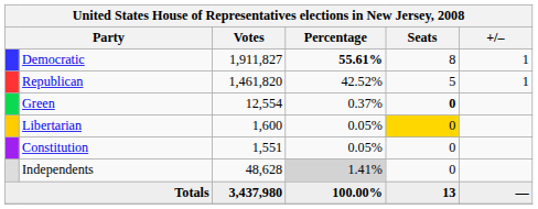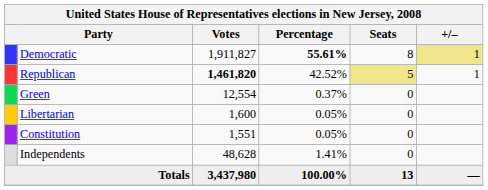 <table class="wikitable" style="font-size: 95%;">
 <tr>
 <th colspan="6">United States House of Representatives elections in New Jersey, 2008</th>
 </tr>
 <tr>
 <th colspan=2 style="width: 15em">Party</th>
 <th style="width: 5em">Votes</th>
 <th style="width: 7em">Percentage</th>
 <th style="width: 5em">Seats</th>
 <th style="width: 5em">+/–</th>
 </tr>
 <tr>
 <th style="background-color:#3333FF; width: 3px"></th>
 <td style="width: 130px"><a href='#'>Democratic</a></td>
 <td align="right">1,911,827</td>
 <td align="right"><strong>55.61%</strong></td>
 <td align="right">8</td>
-<td align="right"> 1</td>
+<td align="right" style="background: khaki;"> 1</td>
 </tr>
 <tr>
 <th style="background-color:#FF3333; width: 3px"></th>
 <td style="width: 130px"><a href='#'>Republican</a></td>
-<td align="right">1,461,820</td>
+<td align="right"><strong>1,461,820</strong></td>
 <td align="right">42.52%</td>
-<td align="right">5</td>
+<td align="right" style="background: khaki;">5</td>
 <td align="right"> 1</td>
 </tr>
 <tr>
 <th style="background-color:#0BDA51; width: 3px"></th>
 <td style="width: 130px"><a href='#'>Green</a></td>
 <td align="right">12,554</td>
 <td align="right">0.37%</td>
-<td align="right"><strong>0</strong></td>
+<td align="right">0</td>
 <td align="right"></td>
 </tr>
 <tr>
 <th style="background-color:#FFCC00; width: 3px"></th>
 <td style="width: 130px"><a href='#'>Libertarian</a></td>
 <td align="right">1,600</td>
 <td align="right">0.05%</td>
-<td align="right" style="background: gold;">0</td>
+<td align="right">0</td>
 <td align="right"></td>
 </tr>
 <tr>
 <th style="background-color:#A020F0; width: 3px"></th>
 <td style="width: 130px"><a href='#'>Constitution</a></td>
 <td align="right">1,551</td>
 <td align="right">0.05%</td>
 <td align="right">0</td>
 <td align="right"></td>
 </tr>
 <tr>
 <th style="background-color:#DDDDDD; width: 3px"></th>
 <td style="width: 130px">Independents</td>
 <td align="right">48,628</td>
-<td align="right" style="background: lightgrey;">1.41%</td>
+<td align="right">1.41%</td>
 <td align="right">0</td>
 <td align="right"></td>
 </tr>
 <tr bgcolor="#EEEEEE">
 <td colspan="2" align="right"><strong>Totals</strong></td>
 <td align="right"><strong>3,437,980</strong></td>
 <td align="right"><strong>100.00%</strong></td>
 <td align="right"><strong>13</strong></td>
 <td align="right"><strong>—</strong></td>
 </tr>
 <tr bgcolor="#EEEEEE">
 </tr>
 </table>
